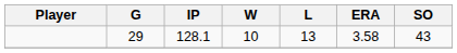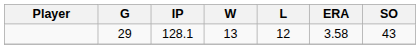 <table class="wikitable sortable">
 <tr>
 <th bgcolor="#DDDDFF" width="16%">Player</th>
 <th bgcolor="#DDDDFF" width="9%">G</th>
 <th bgcolor="#DDDDFF" width="9%">IP</th>
 <th bgcolor="#DDDDFF" width="9%">W</th>
 <th bgcolor="#DDDDFF" width="9%">L</th>
 <th bgcolor="#DDDDFF" width="9%">ERA</th>
 <th bgcolor="#DDDDFF" width="9%">SO</th>
 </tr>
 <tr align="center">
 <td></td>
 <td>29</td>
 <td>128.1</td>
-<td>10</td>
 <td>13</td>
+<td>12</td>
 <td>3.58</td>
 <td>43</td>
 </tr>
 <tr align="center">
 </tr>
 </table>
